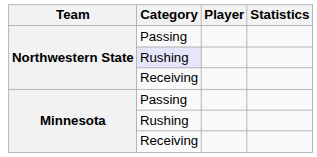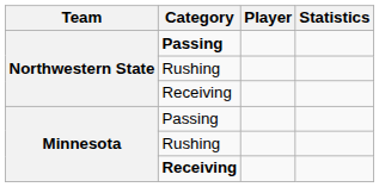 <table class="wikitable" style="float:right">
 <tr>
 <th>Team</th>
 <th>Category</th>
 <th>Player</th>
 <th>Statistics</th>
 </tr>
 <tr>
 <th rowspan=3>Northwestern State</th>
-<td>Passing</td>
+<td><strong>Passing</strong></td>
 <td></td>
 <td></td>
 </tr>
 <tr>
-<td style="background: lavender;">Rushing</td>
+<td>Rushing</td>
 <td></td>
 <td></td>
 </tr>
 <tr>
 <td>Receiving</td>
 <td></td>
 <td></td>
 </tr>
 <tr>
 <th rowspan=3>Minnesota</th>
 <td>Passing</td>
 <td></td>
 <td></td>
 </tr>
 <tr>
 <td>Rushing</td>
 <td></td>
 <td></td>
 </tr>
 <tr>
-<td>Receiving</td>
+<td><strong>Receiving</strong></td>
 <td></td>
 <td></td>
 </tr>
 </table>
